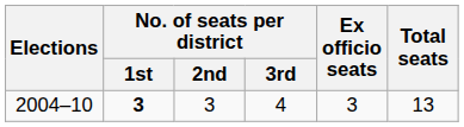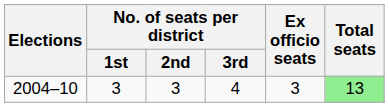 <table class=wikitable style="text-align:center">
 <tr>
 <th rowspan=2>Elections</th>
 <th colspan=3>No. of seats per district</th>
 <th width=50px rowspan=2>Ex officio seats</th>
 <th width=50px rowspan=2>Total seats</th>
 </tr>
 <tr>
 <th width=50px>1st</th>
 <th width=50px>2nd</th>
 <th width=50px>3rd</th>
 </tr>
 <tr>
 <td>2004–10</td>
-<td><strong>3</strong></td>
+<td>3</td>
 <td>3</td>
 <td>4</td>
 <td>3</td>
-<td>13</td>
+<td style="background: lightgreen;">13</td>
 </tr>
 </table>
